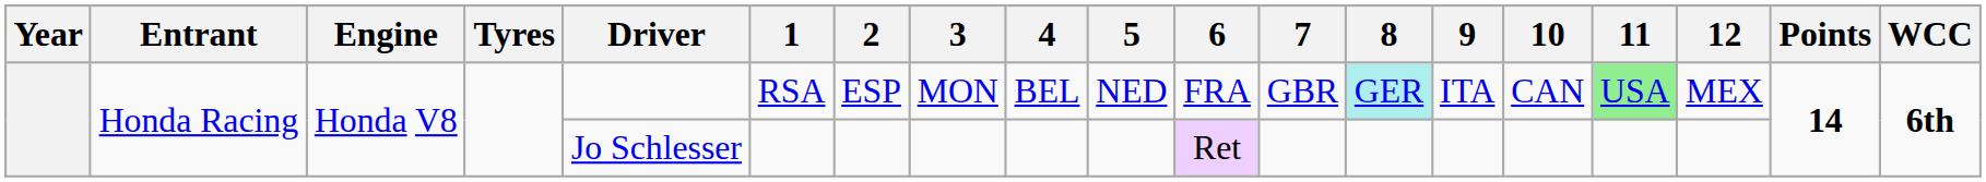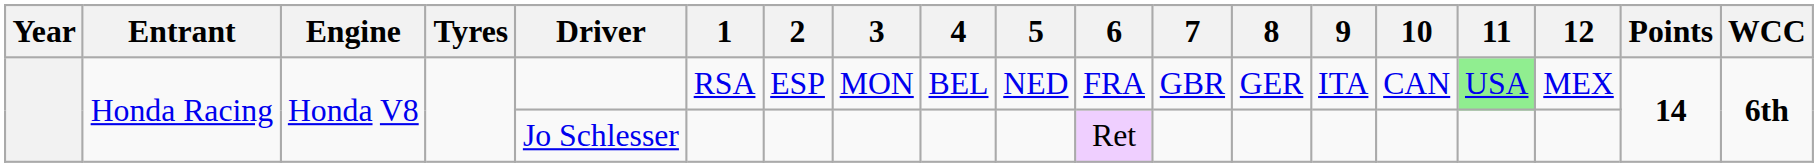 <table class="wikitable" style="text-align:center; font-size:95%">
 <tr>
 <th>Year</th>
 <th>Entrant</th>
 <th>Engine</th>
 <th>Tyres</th>
 <th>Driver</th>
 <th>1</th>
 <th>2</th>
 <th>3</th>
 <th>4</th>
 <th>5</th>
 <th>6</th>
 <th>7</th>
 <th>8</th>
 <th>9</th>
 <th>10</th>
 <th>11</th>
 <th>12</th>
 <th>Points</th>
 <th>WCC</th>
 </tr>
 <tr>
 <th rowspan="2"></th>
 <td rowspan="2"><a href='#'>Honda Racing</a></td>
 <td rowspan="2"><a href='#'>Honda</a> <a href='#'>V8</a></td>
 <td rowspan="2"></td>
 <td></td>
 <td><a href='#'>RSA</a></td>
 <td><a href='#'>ESP</a></td>
 <td><a href='#'>MON</a></td>
 <td><a href='#'>BEL</a></td>
 <td><a href='#'>NED</a></td>
 <td><a href='#'>FRA</a></td>
 <td><a href='#'>GBR</a></td>
-<td style="background: paleturquoise;"><a href='#'>GER</a></td>
+<td><a href='#'>GER</a></td>
 <td><a href='#'>ITA</a></td>
 <td><a href='#'>CAN</a></td>
 <td style="background: lightgreen;"><a href='#'>USA</a></td>
 <td><a href='#'>MEX</a></td>
 <td rowspan="2"><strong>14</strong></td>
 <td rowspan="2"><strong>6th</strong></td>
 </tr>
 <tr>
 <td><a href='#'>Jo Schlesser</a></td>
 <td></td>
 <td></td>
 <td></td>
 <td></td>
 <td></td>
 <td style="background:#efcfff;">Ret</td>
 <td></td>
 <td></td>
 <td></td>
 <td></td>
 <td></td>
 <td></td>
 </tr>
 </table>
